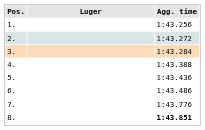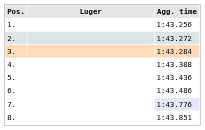 <table cellspacing="1" cellpadding="3" style="border:1px solid #aaa; font-size:90%;">
 <tr style="background:#e4e4e4;">
 <th style="width:10px;">Pos.</th>
 <th style="width:195px;">Luger</th>
 <th style="width:65px;">Agg. time</th>
 </tr>
 <tr -style="background:#f7f6a8;">
 <td>1.</td>
 <td align="left"></td>
 <td>1:43.256</td>
 </tr>
 <tr style="background:#dce5e5;">
 <td>2.</td>
 <td align="left"></td>
 <td>1:43.272</td>
 </tr>
 <tr style="background:#ffdab9;">
 <td>3.</td>
 <td align="left"></td>
 <td>1:43.284</td>
 </tr>
 <tr>
 <td>4.</td>
 <td align="left"></td>
 <td>1:43.388</td>
 </tr>
 <tr>
 <td>5.</td>
 <td align="left"></td>
 <td>1:43.436</td>
 </tr>
 <tr>
 <td>6.</td>
 <td align="left"></td>
 <td>1:43.486</td>
 </tr>
 <tr>
 <td>7.</td>
 <td align="left"></td>
-<td>1:43.776</td>
+<td style="background: lavender;">1:43.776</td>
 </tr>
 <tr>
 <td>8.</td>
 <td align="left"></td>
-<td><strong>1:43.851</strong></td>
+<td>1:43.851</td>
 </tr>
 <tr>
 </tr>
 </table>
